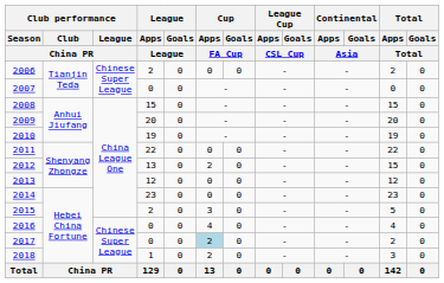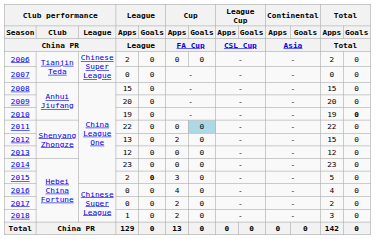 <table class="wikitable" style="text-align:center">
 <tr>
 <th colspan=3>Club performance</th>
 <th colspan=2>League</th>
 <th colspan=2>Cup</th>
 <th colspan=2>League Cup</th>
 <th colspan=2>Continental</th>
 <th colspan=2>Total</th>
 </tr>
 <tr>
 <th>Season</th>
 <th>Club</th>
 <th>League</th>
 <th>Apps</th>
 <th>Goals</th>
 <th>Apps</th>
 <th>Goals</th>
 <th>Apps</th>
 <th>Goals</th>
 <th>Apps</th>
 <th>Goals</th>
 <th>Apps</th>
 <th>Goals</th>
 </tr>
 <tr>
 <th colspan=3>China PR</th>
 <th colspan=2>League</th>
 <th colspan=2><a href='#'>FA Cup</a></th>
 <th colspan=2><a href='#'>CSL Cup</a></th>
 <th colspan=2><a href='#'>Asia</a></th>
 <th colspan=2>Total</th>
 </tr>
 <tr>
 <td><a href='#'>2006</a></td>
 <td rowspan="2"><a href='#'>Tianjin Teda</a></td>
 <td rowspan="2"><a href='#'>Chinese Super League</a></td>
 <td>2</td>
 <td>0</td>
 <td>0</td>
 <td>0</td>
 <td colspan="2">-</td>
 <td colspan="2">-</td>
 <td>2</td>
 <td>0</td>
 </tr>
 <tr>
 <td><a href='#'>2007</a></td>
 <td>0</td>
 <td>0</td>
 <td colspan="2">-</td>
 <td colspan="2">-</td>
 <td colspan="2">-</td>
 <td>0</td>
 <td>0</td>
 </tr>
 <tr>
 <td><a href='#'>2008</a></td>
 <td rowspan="3"><a href='#'>Anhui Jiufang</a></td>
 <td rowspan="8"><a href='#'>China League One</a></td>
 <td>15</td>
 <td>0</td>
 <td colspan="2">-</td>
 <td colspan="2">-</td>
 <td colspan="2">-</td>
 <td>15</td>
 <td>0</td>
 </tr>
 <tr>
 <td><a href='#'>2009</a></td>
 <td>20</td>
 <td>0</td>
 <td colspan="2">-</td>
 <td colspan="2">-</td>
 <td colspan="2">-</td>
 <td>20</td>
 <td>0</td>
 </tr>
 <tr>
 <td><a href='#'>2010</a></td>
 <td>19</td>
 <td>0</td>
 <td colspan="2">-</td>
 <td colspan="2">-</td>
 <td colspan="2">-</td>
 <td>19</td>
-<td>0</td>
+<td><strong>0</strong></td>
 </tr>
 <tr>
 <td><a href='#'>2011</a></td>
 <td rowspan="3"><a href='#'>Shenyang Zhongze</a></td>
 <td>22</td>
 <td>0</td>
 <td>0</td>
-<td>0</td>
+<td style="background: lightblue;">0</td>
 <td colspan="2">-</td>
 <td colspan="2">-</td>
 <td>22</td>
 <td>0</td>
 </tr>
 <tr>
 <td><a href='#'>2012</a></td>
 <td>13</td>
 <td>0</td>
 <td>2</td>
 <td>0</td>
 <td colspan="2">-</td>
 <td colspan="2">-</td>
 <td>15</td>
 <td>0</td>
 </tr>
 <tr>
 <td><a href='#'>2013</a></td>
 <td>12</td>
 <td>0</td>
 <td>0</td>
 <td>0</td>
 <td colspan="2">-</td>
 <td colspan="2">-</td>
 <td>12</td>
 <td>0</td>
 </tr>
 <tr>
 <td><a href='#'>2014</a></td>
 <td rowspan="5"><a href='#'>Hebei China Fortune</a></td>
 <td>23</td>
 <td>0</td>
 <td>0</td>
 <td>0</td>
 <td colspan="2">-</td>
 <td colspan="2">-</td>
 <td>23</td>
 <td>0</td>
 </tr>
 <tr>
 <td><a href='#'>2015</a></td>
 <td>2</td>
-<td>0</td>
+<td><strong>0</strong></td>
 <td>3</td>
 <td>0</td>
 <td colspan="2">-</td>
 <td colspan="2">-</td>
 <td>5</td>
 <td>0</td>
 </tr>
 <tr>
 <td><a href='#'>2016</a></td>
 <td rowspan="3"><a href='#'>Chinese Super League</a></td>
 <td>0</td>
 <td>0</td>
 <td>4</td>
 <td>0</td>
 <td colspan="2">-</td>
 <td colspan="2">-</td>
 <td>4</td>
 <td>0</td>
 </tr>
 <tr>
 <td><a href='#'>2017</a></td>
 <td>0</td>
 <td>0</td>
-<td style="background: lightblue;">2</td>
+<td>2</td>
 <td>0</td>
 <td colspan="2">-</td>
 <td colspan="2">-</td>
 <td>2</td>
 <td>0</td>
 </tr>
 <tr>
 <td><a href='#'>2018</a></td>
 <td>1</td>
 <td>0</td>
 <td>2</td>
 <td>0</td>
 <td colspan="2">-</td>
 <td colspan="2">-</td>
 <td>3</td>
 <td>0</td>
 </tr>
 <tr>
 <th rowspan=3>Total</th>
 <th colspan=2>China PR</th>
 <th>129</th>
 <th>0</th>
 <th>13</th>
 <th>0</th>
 <th>0</th>
 <th>0</th>
 <th>0</th>
 <th>0</th>
 <th>142</th>
 <th>0</th>
 </tr>
 </table>
